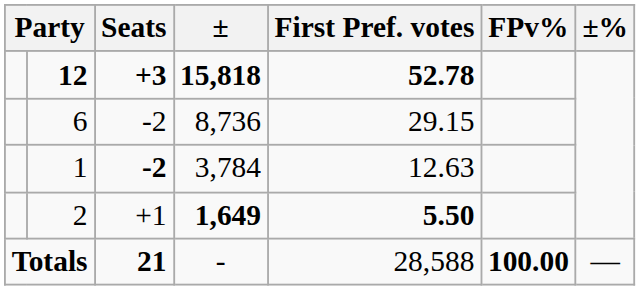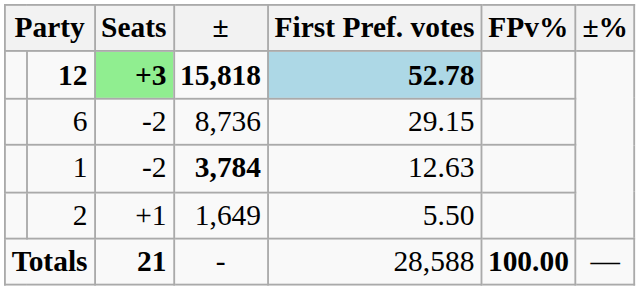 <table class=wikitable>
 <tr>
 <th colspan=2 align=center>Party</th>
 <th valign=top>Seats</th>
 <th valign=top>±</th>
 <th valign=top>First Pref. votes</th>
 <th valign=top>FPv%</th>
 <th valign=top>±%</th>
 </tr>
 <tr>
 <td></td>
 <td align=right><strong>12</strong></td>
-<td align=right><strong>+3</strong></td>
+<td align=right style="background: lightgreen;"><strong>+3</strong></td>
 <td align=right><strong>15,818</strong></td>
-<td align=right><strong>52.78</strong></td>
+<td align=right style="background: lightblue;"><strong>52.78</strong></td>
 <td align=right></td>
 </tr>
 <tr>
 <td></td>
 <td align=right>6</td>
 <td align=right>-2</td>
 <td align=right>8,736</td>
 <td align=right>29.15</td>
 <td align=right></td>
 </tr>
 <tr>
 <td></td>
 <td align=right>1</td>
-<td align=right><strong>-2</strong></td>
-<td align=right>3,784</td>
+<td align=right>-2</td>
+<td align=right><strong>3,784</strong></td>
 <td align=right>12.63</td>
 <td align=right></td>
 </tr>
 <tr>
 <td></td>
 <td align=right>2</td>
 <td align=right>+1</td>
-<td align=right><strong>1,649</strong></td>
-<td align=right><strong>5.50</strong></td>
+<td align=right>1,649</td>
+<td align=right>5.50</td>
 <td align=right></td>
 </tr>
 <tr>
 <td colspan=2 align=center><strong>Totals</strong></td>
 <td align=right><strong>21</strong></td>
 <td align=center>-</td>
 <td align=right>28,588</td>
 <td align=center><strong>100.00</strong></td>
 <td align=center>—</td>
 </tr>
 </table>
